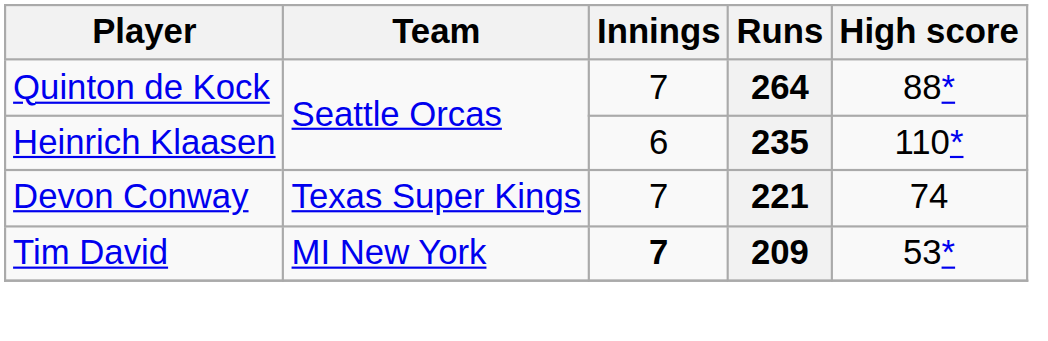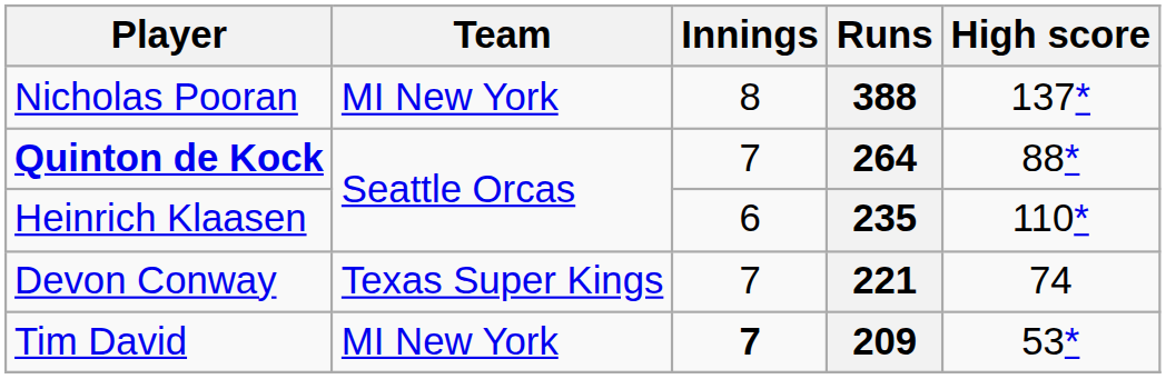 <table class="wikitable sortable" style="text-align:center">
 <tr>
 <th scope="col" class="unsortable">Player</th>
 <th scope="col">Team</th>
 <th scope="col">Innings</th>
 <th scope="col">Runs</th>
 <th scope="col">High score</th>
 </tr>
 <tr>
-<td scope="row" style="text-align:left"><a href='#'>Quinton de Kock</a></td>
+<td scope="row" style="text-align:left"><a href='#'>Nicholas Pooran</a></td>
+<td style="text-align:left"><a href='#'>MI New York</a></td>
+<td>8</td>
+<th>388</th>
+<td>137<a href='#'>*</a></td>
+</tr>
+<tr>
+<td scope="row" style="text-align:left"><strong><a href='#'>Quinton de Kock</a></strong></td>
 <td style="text-align:left" rowspan=2><a href='#'>Seattle Orcas</a></td>
 <td>7</td>
 <th>264</th>
 <td>88<a href='#'>*</a></td>
 </tr>
 <tr>
 <td scope="row" style="text-align:left"><a href='#'>Heinrich Klaasen</a></td>
 <td>6</td>
 <th>235</th>
 <td>110<a href='#'>*</a></td>
 </tr>
 <tr>
 <td scope="row" style="text-align:left"><a href='#'>Devon Conway</a></td>
 <td style="text-align:left"><a href='#'>Texas Super Kings</a></td>
 <td>7</td>
 <th>221</th>
 <td>74</td>
 </tr>
 <tr>
 <td scope="row" style="text-align:left"><a href='#'>Tim David</a></td>
 <td style="text-align:left"><a href='#'>MI New York</a></td>
 <td><strong>7</strong></td>
 <th>209</th>
 <td>53<a href='#'>*</a></td>
 </tr>
 <tr>
 </tr>
 </table>
